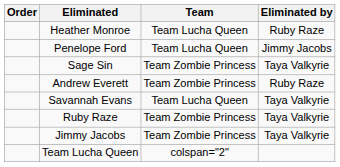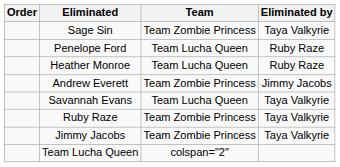 <table class="wikitable sortable" style="text-align:center;">
 <tr>
 <th>Order</th>
 <th>Eliminated</th>
 <th>Team</th>
 <th>Eliminated by</th>
 </tr>
 <tr>
 <td></td>
+<td>Sage Sin</td>
+<td>Team Zombie Princess</td>
+<td>Taya Valkyrie</td>
+</tr>
+<tr>
+<td></td>
+<td>Penelope Ford</td>
+<td>Team Lucha Queen</td>
+<td>Ruby Raze</td>
+</tr>
+<tr>
+<td></td>
 <td>Heather Monroe</td>
 <td>Team Lucha Queen</td>
 <td>Ruby Raze</td>
 </tr>
 <tr>
 <td></td>
-<td>Penelope Ford</td>
-<td>Team Lucha Queen</td>
-<td>Jimmy Jacobs</td>
-</tr>
-<tr>
-<td></td>
-<td>Sage Sin</td>
-<td>Team Zombie Princess</td>
-<td>Taya Valkyrie</td>
-</tr>
-<tr>
-<td></td>
 <td>Andrew Everett</td>
 <td>Team Zombie Princess</td>
-<td>Ruby Raze</td>
+<td>Jimmy Jacobs</td>
 </tr>
 <tr>
 <td></td>
 <td>Savannah Evans</td>
 <td>Team Lucha Queen</td>
 <td>Taya Valkyrie</td>
 </tr>
 <tr>
 <td></td>
 <td>Ruby Raze</td>
 <td>Team Zombie Princess</td>
 <td>Taya Valkyrie</td>
 </tr>
 <tr>
 <td></td>
 <td>Jimmy Jacobs</td>
 <td>Team Zombie Princess</td>
 <td>Taya Valkyrie</td>
 </tr>
 <tr>
 <td></td>
 <td>Team Lucha Queen</td>
 <td>colspan="2" </td>
 </tr>
 </table>
